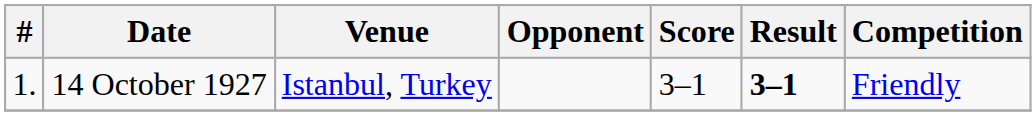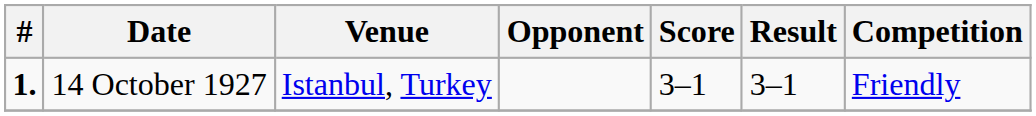 <table class="wikitable" style="font-size:95%;">
 <tr>
 <th>#</th>
 <th>Date</th>
 <th>Venue</th>
 <th>Opponent</th>
 <th>Score</th>
 <th>Result</th>
 <th>Competition</th>
 </tr>
 <tr>
-<td>1.</td>
+<td><strong>1.</strong></td>
 <td>14 October 1927</td>
 <td><a href='#'>Istanbul</a>, <a href='#'>Turkey</a></td>
 <td></td>
 <td>3–1</td>
-<td><strong>3–1</strong></td>
+<td>3–1</td>
 <td><a href='#'>Friendly</a></td>
 </tr>
 <tr>
 </tr>
 </table>
